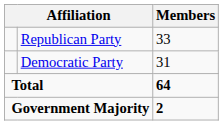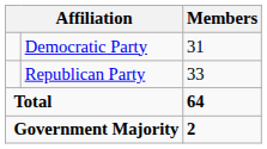 <table class="wikitable">
 <tr>
 <th colspan="2">Affiliation</th>
 <th>Members</th>
 </tr>
 <tr>
 <td style="background-color:"> </td>
-<td><a href='#'>Republican Party</a></td>
-<td>33</td>
+<td><a href='#'>Democratic Party</a></td>
+<td>31</td>
 </tr>
 <tr>
 <td style="background-color:"> </td>
-<td><a href='#'>Democratic Party</a></td>
-<td>31</td>
+<td><a href='#'>Republican Party</a></td>
+<td>33</td>
 </tr>
 <tr>
 <td colspan="2" rowspan="1"> <strong>Total</strong><br></td>
 <td><strong>64</strong></td>
 </tr>
 <tr>
 <td colspan="2" rowspan="1"> <strong>Government Majority</strong><br></td>
 <td><strong>2</strong></td>
 </tr>
 </table>
